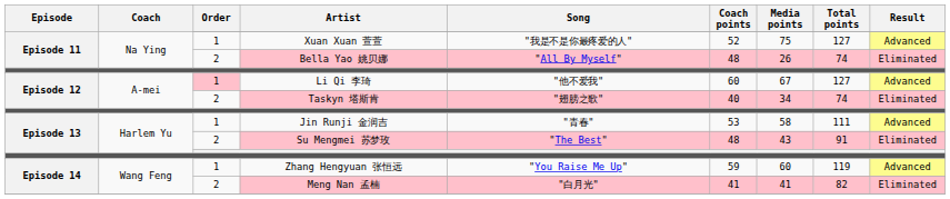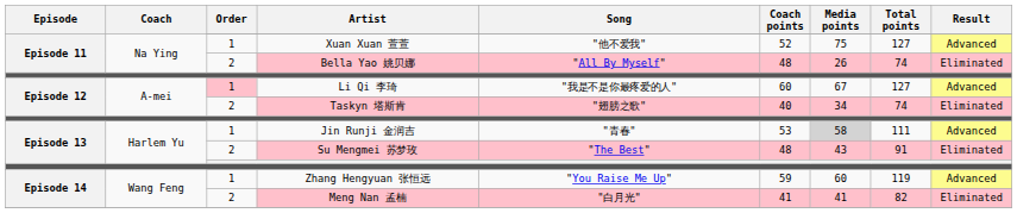 <table class="wikitable" style="text-align:center; width:100%;">
 <tr>
 <th style="width:10%;">Episode</th>
 <th style="width:10%;">Coach</th>
 <th style="width:05%;">Order</th>
 <th style="width:22%;">Artist</th>
 <th style="width:28%;">Song</th>
 <th style="width:05%;">Coach points</th>
 <th style="width:06%;">Media points</th>
 <th style! style="width:06%;">Total points</th>
 <th style! style="width:14%;">Result</th>
 </tr>
 <tr>
 <th rowspan="3" scope="row">Episode 11<br><small></small></th>
 <td rowspan="3">Na Ying</td>
 </tr>
 <tr>
 <td>1</td>
 <td>Xuan Xuan 萱萱</td>
-<td>"我是不是你最疼爱的人"</td>
+<td>"他不爱我"</td>
 <td>52</td>
 <td>75</td>
 <td>127</td>
 <td style="background:#fdfc8f;">Advanced</td>
 </tr>
 <tr>
 <td>2</td>
 <td style="background:pink;">Bella Yao 姚贝娜</td>
 <td style="background:pink;">"<a href='#'>All By Myself</a>"</td>
 <td style="background:pink;">48</td>
 <td style="background:pink;">26</td>
 <td style="background:pink;">74</td>
 <td style="background:pink;">Eliminated</td>
 </tr>
 <tr>
 <td colspan="11" style="background:#555555;"></td>
 </tr>
 <tr>
 <th rowspan="3" scope="row">Episode 12<br><small></small></th>
 <td rowspan="3">A-mei</td>
 </tr>
 <tr>
 <td style="background: pink;">1</td>
 <td>Li Qi 李琦</td>
-<td>"他不爱我"</td>
+<td>"我是不是你最疼爱的人"</td>
 <td>60</td>
 <td>67</td>
 <td>127</td>
 <td style="background:#fdfc8f;">Advanced</td>
 </tr>
 <tr>
 <td>2</td>
 <td style="background:pink;">Taskyn 塔斯肯</td>
 <td style="background:pink;">"翅膀之歌"</td>
 <td style="background:pink;">40</td>
 <td style="background:pink;">34</td>
 <td style="background:pink;">74</td>
 <td style="background:pink;">Eliminated</td>
 </tr>
 <tr>
 <td colspan="11" style="background:#555555;"></td>
 </tr>
 <tr>
 <th rowspan="4" scope="row">Episode 13<br><small></small></th>
 <td rowspan="4">Harlem Yu</td>
 </tr>
 <tr>
 <td>1</td>
 <td>Jin Runji 金润吉</td>
 <td>"青春"</td>
 <td>53</td>
-<td>58</td>
+<td style="background: lightgrey;">58</td>
 <td>111</td>
 <td style="background:#fdfc8f;">Advanced</td>
 </tr>
 <tr>
 <td>2</td>
 <td style="background:pink;">Su Mengmei 苏梦玫</td>
 <td style="background:pink;">"<a href='#'>The Best</a>"</td>
 <td style="background:pink;">48</td>
 <td style="background:pink;">43</td>
 <td style="background:pink;">91</td>
 <td style="background:pink;">Eliminated</td>
 </tr>
 <tr>
 <th style="font-size:90%; line-height:12px;" colspan=9></th>
 </tr>
 <tr>
 <td colspan="11" style="background:#555555;"></td>
 </tr>
 <tr>
 <th rowspan="3" scope="row">Episode 14<br><small></small></th>
 <td rowspan="3">Wang Feng</td>
 </tr>
 <tr>
 <td>1</td>
 <td>Zhang Hengyuan 张恒远</td>
 <td>"<a href='#'>You Raise Me Up</a>"</td>
 <td>59</td>
 <td>60</td>
 <td>119</td>
 <td style="background:#fdfc8f;">Advanced</td>
 </tr>
 <tr>
 <td>2</td>
 <td style="background:pink;">Meng Nan 孟楠</td>
 <td style="background:pink;">"白月光"</td>
 <td style="background:pink;">41</td>
 <td style="background:pink;">41</td>
 <td style="background:pink;">82</td>
 <td style="background:pink;">Eliminated</td>
 </tr>
 <tr>
 </tr>
 </table>
